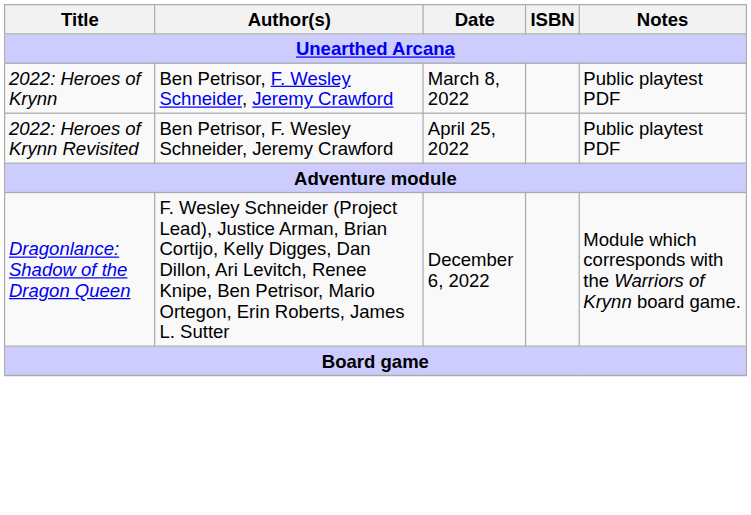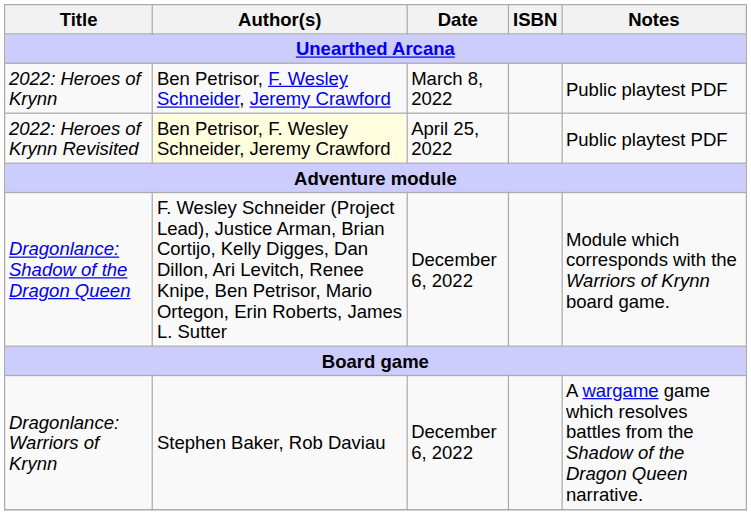 <table class="wikitable sortable" style="margins:auto; width=95%; font-size: 95%;">
 <tr>
 <th>Title</th>
 <th>Author(s)</th>
 <th>Date</th>
 <th>ISBN</th>
 <th>Notes</th>
 </tr>
 <tr>
 <th colspan="5" style="background-color:#ccccff;"><a href='#'>Unearthed Arcana</a></th>
 </tr>
 <tr>
 <td><em>2022: Heroes of Krynn</em></td>
 <td>Ben Petrisor, <a href='#'>F. Wesley Schneider</a>, <a href='#'>Jeremy Crawford</a></td>
 <td>March 8, 2022</td>
 <td></td>
 <td>Public playtest PDF</td>
 </tr>
 <tr>
 <td><em>2022: Heroes of Krynn Revisited</em></td>
-<td>Ben Petrisor, F. Wesley Schneider, Jeremy Crawford</td>
+<td style="background: lightyellow;">Ben Petrisor, F. Wesley Schneider, Jeremy Crawford</td>
 <td>April 25, 2022</td>
 <td></td>
 <td>Public playtest PDF</td>
 </tr>
 <tr>
 <th colspan="5" style="background-color:#ccccff;">Adventure module</th>
 </tr>
 <tr>
 <td><em><a href='#'>Dragonlance: Shadow of the Dragon Queen</a></em></td>
 <td>F. Wesley Schneider (Project Lead), Justice Arman, Brian Cortijo, Kelly Digges, Dan Dillon, Ari Levitch, Renee Knipe, Ben Petrisor, Mario Ortegon, Erin Roberts, James L. Sutter</td>
 <td>December 6, 2022</td>
 <td></td>
 <td>Module which corresponds with the <em>Warriors of Krynn</em> board game.</td>
 </tr>
 <tr>
 <th colspan="5" style="background-color:#ccccff;">Board game</th>
 </tr>
 <tr>
+<td><em>Dragonlance: Warriors of Krynn</em></td>
+<td>Stephen Baker, Rob Daviau</td>
+<td>December 6, 2022</td>
+<td></td>
+<td>A <a href='#'>wargame</a> game which resolves battles from the <em>Shadow of the Dragon Queen</em> narrative.</td>
+</tr>
+<tr>
 </tr>
 </table>
